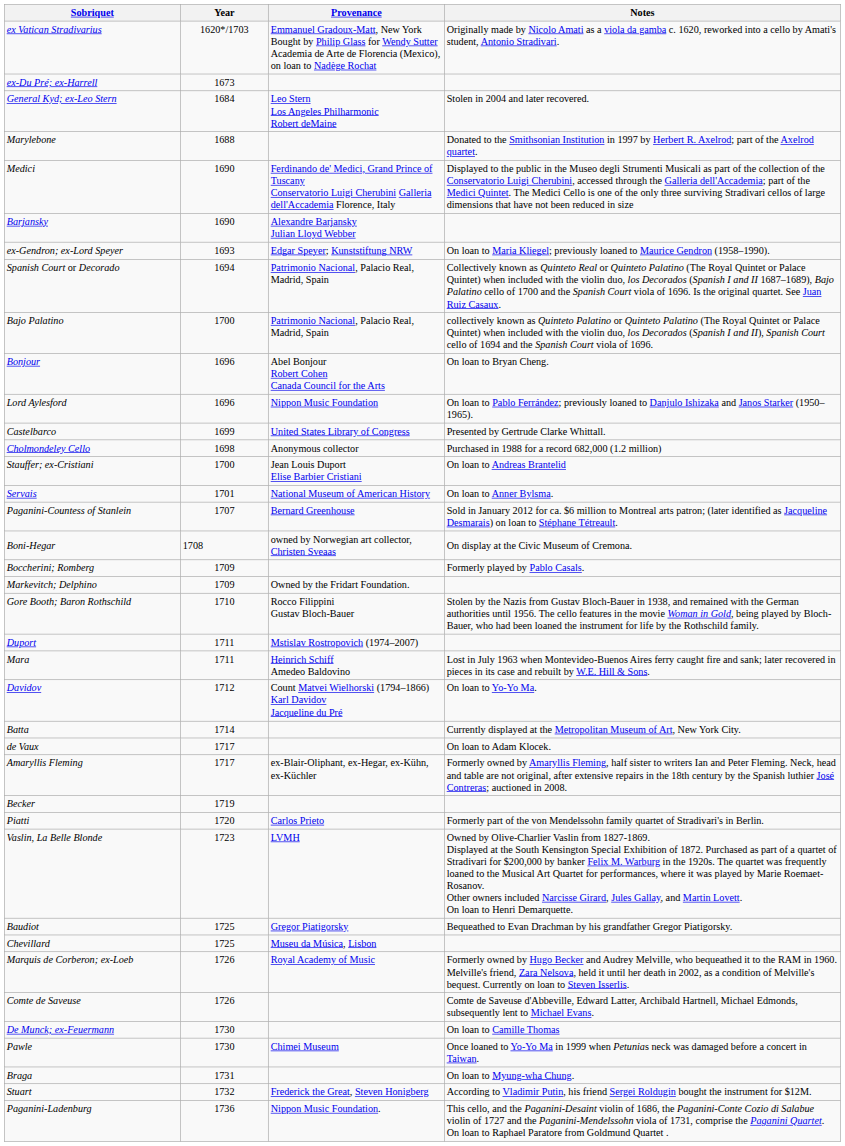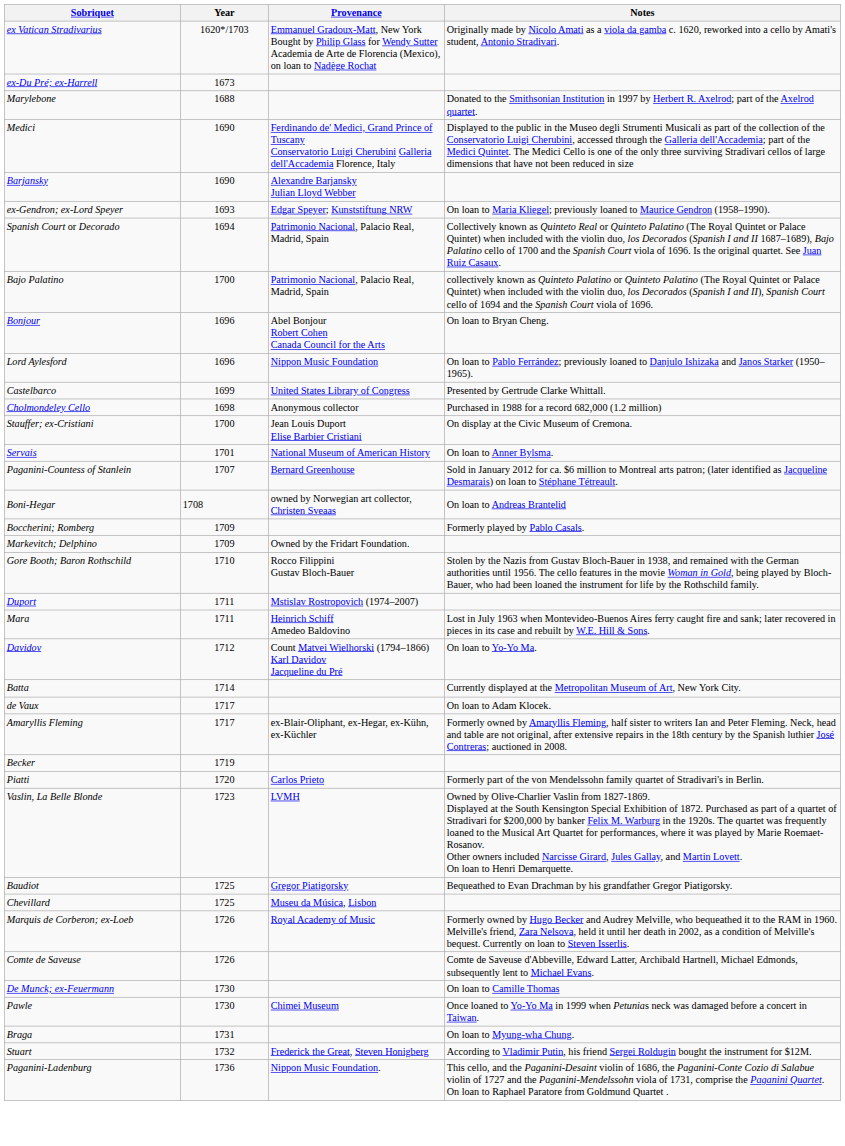 <table class="wikitable" style="font-size: 95%;">
 <tr>
 <th width="20%"><a href='#'>Sobriquet</a></th>
 <th width="10%">Year</th>
 <th width="20%"><a href='#'>Provenance</a></th>
 <th width="45%">Notes</th>
 </tr>
 <tr valign="top">
 <td><em><a href='#'>ex Vatican Stradivarius</a></em></td>
 <td align=center>1620*/1703</td>
 <td><a href='#'>Emmanuel Gradoux-Matt</a>, New York <br>Bought by <a href='#'>Philip Glass</a> for <a href='#'>Wendy Sutter</a><br>Academia de Arte de Florencia (Mexico), on loan to <a href='#'>Nadège Rochat</a></td>
 <td>Originally made by <a href='#'>Nicolo Amati</a> as a <a href='#'>viola da gamba</a> c. 1620, reworked into a cello by Amati's student, <a href='#'>Antonio Stradivari</a>.</td>
 </tr>
 <tr valign="top">
 <td><em><a href='#'>ex-Du Pré; ex-Harrell</a></em></td>
 <td align=center>1673</td>
 <td></td>
 <td></td>
-</tr>
-<tr valign="top">
-<td><em><a href='#'>General Kyd; ex-Leo Stern</a></em></td>
-<td align=center>1684</td>
-<td><a href='#'>Leo Stern</a><br><a href='#'>Los Angeles Philharmonic</a><br><a href='#'>Robert deMaine</a></td>
-<td>Stolen in 2004 and later recovered.</td>
 </tr>
 <tr valign="top">
 <td><em>Marylebone</em></td>
 <td align=center>1688</td>
 <td></td>
 <td>Donated to the <a href='#'>Smithsonian Institution</a> in 1997 by <a href='#'>Herbert R. Axelrod</a>; part of the <a href='#'>Axelrod quartet</a>.</td>
 </tr>
 <tr valign="top">
 <td><em>Medici</em></td>
 <td align=center>1690</td>
 <td><a href='#'>Ferdinando de' Medici, Grand Prince of Tuscany</a><br><a href='#'>Conservatorio Luigi Cherubini</a> <a href='#'>Galleria dell'Accademia</a> Florence, Italy</td>
 <td>Displayed to the public in the Museo degli Strumenti Musicali as part of the collection of the <a href='#'>Conservatorio Luigi Cherubini</a>, accessed through the <a href='#'>Galleria dell'Accademia</a>; part of the <a href='#'>Medici Quintet</a>. The Medici Cello is one of the only three surviving Stradivari cellos of large dimensions that have not been reduced in size</td>
 </tr>
 <tr valign="top">
 <td><a href='#'><em>Barjansky</em></a></td>
 <td align=center>1690</td>
 <td><a href='#'>Alexandre Barjansky</a><br><a href='#'>Julian Lloyd Webber</a></td>
 <td></td>
 </tr>
 <tr valign="top">
 <td><em>ex-Gendron; ex-Lord Speyer</em></td>
 <td align=center>1693</td>
 <td><a href='#'>Edgar Speyer</a>; <a href='#'>Kunststiftung NRW</a></td>
 <td>On loan to <a href='#'>Maria Kliegel</a>; previously loaned to <a href='#'>Maurice Gendron</a> (1958–1990).</td>
 </tr>
 <tr valign="top">
 <td><em>Spanish Court</em> or <em>Decorado</em></td>
 <td align=center>1694</td>
 <td><a href='#'>Patrimonio Nacional</a>, Palacio Real, Madrid, Spain</td>
 <td>Collectively known as <em>Quinteto Real</em> or <em>Quinteto Palatino</em> (The Royal Quintet or Palace Quintet) when included with the violin duo, <em>los Decorados</em> (<em>Spanish I and II</em> 1687–1689), <em>Bajo Palatino</em> cello of 1700 and the <em>Spanish Court</em> viola of 1696. Is the original quartet. See <a href='#'>Juan Ruiz Casaux</a>.</td>
 </tr>
 <tr valign="top">
 <td><em>Bajo Palatino</em></td>
 <td align=center>1700</td>
 <td><a href='#'>Patrimonio Nacional</a>, Palacio Real, Madrid, Spain</td>
 <td>collectively known as <em>Quinteto Palatino</em> or <em>Quinteto Palatino</em> (The Royal Quintet or Palace Quintet) when included with the violin duo, <em>los Decorados</em> (<em>Spanish I and II</em>), <em>Spanish Court</em> cello of 1694 and the <em>Spanish Court</em> viola of 1696.</td>
 </tr>
 <tr valign="top">
 <td><em><a href='#'>Bonjour</a></em></td>
 <td align=center>1696</td>
 <td>Abel Bonjour<br><a href='#'>Robert Cohen</a><br><a href='#'>Canada Council for the Arts</a></td>
 <td>On loan to Bryan Cheng.</td>
 </tr>
 <tr valign="top">
 <td><em>Lord Aylesford</em></td>
 <td align=center>1696</td>
 <td><a href='#'>Nippon Music Foundation</a></td>
 <td>On loan to <a href='#'>Pablo Ferrández</a>; previously loaned to <a href='#'>Danjulo Ishizaka</a> and <a href='#'>Janos Starker</a> (1950–1965).</td>
 </tr>
 <tr valign="top">
 <td><em>Castelbarco</em></td>
 <td align=center>1699</td>
 <td><a href='#'>United States Library of Congress</a></td>
 <td>Presented by Gertrude Clarke Whittall.</td>
 </tr>
 <tr valign="top">
 <td><em><a href='#'>Cholmondeley Cello</a></em></td>
 <td align=center>1698</td>
 <td>Anonymous collector</td>
 <td>Purchased in 1988 for a record 682,000 (1.2 million)</td>
 </tr>
 <tr valign="top">
 <td><em>Stauffer; ex-Cristiani</em></td>
 <td align=center>1700</td>
 <td>Jean Louis Duport<br><a href='#'>Elise Barbier Cristiani</a></td>
-<td>On loan to <a href='#'>Andreas Brantelid</a></td>
+<td>On display at the Civic Museum of Cremona.</td>
 </tr>
 <tr valign="top">
 <td><em><a href='#'>Servais</a></em></td>
 <td align=center>1701</td>
 <td><a href='#'>National Museum of American History</a></td>
 <td>On loan to <a href='#'>Anner Bylsma</a>.</td>
 </tr>
 <tr valign="top">
 <td><em>Paganini-Countess of Stanlein</em></td>
 <td align=center>1707</td>
 <td><a href='#'>Bernard Greenhouse</a></td>
 <td>Sold in January 2012 for ca. $6 million to Montreal arts patron; (later identified as <a href='#'>Jacqueline Desmarais</a>) on loan to <a href='#'>Stéphane Tétreault</a>.</td>
 </tr>
 <tr>
 <td><em>Boni-Hegar</em></td>
 <td>1708</td>
 <td>owned by Norwegian art collector, <a href='#'>Christen Sveaas</a></td>
-<td>On display at the Civic Museum of Cremona.</td>
+<td>On loan to <a href='#'>Andreas Brantelid</a></td>
 </tr>
 <tr valign="top">
 <td><em>Boccherini; Romberg</em></td>
 <td align=center>1709</td>
 <td></td>
 <td>Formerly played by <a href='#'>Pablo Casals</a>.</td>
 </tr>
 <tr valign="top">
 <td><em>Markevitch; Delphino</em></td>
 <td align=center>1709</td>
 <td>Owned by the Fridart Foundation.</td>
 <td></td>
 </tr>
 <tr valign="top">
 <td><em>Gore Booth; Baron Rothschild </em></td>
 <td align=center>1710</td>
 <td>Rocco Filippini<br>Gustav Bloch-Bauer</td>
 <td>Stolen by the Nazis from Gustav Bloch-Bauer in 1938, and remained with the German authorities until 1956. The cello features in the movie <em><a href='#'>Woman in Gold</a></em>, being played by Bloch-Bauer, who had been loaned the instrument for life by the Rothschild family.</td>
 </tr>
 <tr valign="top">
 <td><em><a href='#'>Duport</a></em></td>
 <td align=center>1711</td>
 <td><a href='#'>Mstislav Rostropovich</a> (1974–2007)</td>
 <td></td>
 </tr>
 <tr valign="top">
 <td><em>Mara</em></td>
 <td align=center>1711</td>
 <td><a href='#'>Heinrich Schiff</a><br>Amedeo Baldovino</td>
 <td>Lost in July 1963 when Montevideo-Buenos Aires ferry caught fire and sank; later recovered in pieces in its case and rebuilt by <a href='#'>W.E. Hill & Sons</a>.</td>
 </tr>
 <tr valign="top">
 <td><em><a href='#'>Davidov</a></em></td>
 <td align=center>1712</td>
 <td>Count <a href='#'>Matvei Wielhorski</a> (1794–1866)<br><a href='#'>Karl Davidov</a><br><a href='#'>Jacqueline du Pré</a></td>
 <td>On loan to <a href='#'>Yo-Yo Ma</a>.</td>
 </tr>
 <tr valign="top">
 <td><em>Batta</em></td>
 <td align=center>1714</td>
 <td></td>
 <td>Currently displayed at the <a href='#'>Metropolitan Museum of Art</a>, New York City.</td>
 </tr>
 <tr valign="top">
 <td><em>de Vaux</em></td>
 <td align=center>1717</td>
 <td></td>
 <td>On loan to Adam Klocek.</td>
 </tr>
 <tr valign="top">
 <td><em>Amaryllis Fleming</em></td>
 <td align=center>1717</td>
 <td>ex-Blair-Oliphant, ex-Hegar, ex-Kühn, ex-Küchler</td>
 <td>Formerly owned by <a href='#'>Amaryllis Fleming</a>, half sister to writers Ian and Peter Fleming. Neck, head and table are not original, after extensive repairs in the 18th century by the Spanish luthier <a href='#'>José Contreras</a>; auctioned in 2008.</td>
 </tr>
 <tr valign="top">
 <td><em>Becker</em></td>
 <td align=center>1719</td>
 <td></td>
 </tr>
 <tr valign="top">
 <td><em>Piatti</em></td>
 <td align=center>1720</td>
 <td><a href='#'>Carlos Prieto</a></td>
 <td>Formerly part of the von Mendelssohn family quartet of Stradivari's in Berlin.</td>
 </tr>
 <tr valign="top">
 <td><em>Vaslin, La Belle Blonde</em></td>
 <td align=center>1723</td>
 <td><a href='#'>LVMH</a></td>
 <td>Owned by Olive-Charlier Vaslin from 1827-1869.<br>Displayed at the South Kensington Special Exhibition of 1872.  Purchased as part of a quartet of Stradivari for $200,000 by banker <a href='#'>Felix M. Warburg</a> in the 1920s. The quartet was frequently loaned to the Musical Art Quartet for performances, where it was played by Marie Roemaet-Rosanov.<br>Other owners included <a href='#'>Narcisse Girard</a>, <a href='#'>Jules Gallay</a>, and <a href='#'>Martin Lovett</a>.<br>On loan to Henri Demarquette.</td>
 </tr>
 <tr valign="top">
 <td><em>Baudiot</em></td>
 <td align=center>1725</td>
 <td><a href='#'>Gregor Piatigorsky</a></td>
 <td>Bequeathed to Evan Drachman by his grandfather Gregor Piatigorsky.</td>
 </tr>
 <tr valign="top">
 <td><em>Chevillard</em></td>
 <td align=center>1725</td>
 <td><a href='#'>Museu da Música</a>, <a href='#'>Lisbon</a></td>
 <td></td>
 </tr>
 <tr valign="top">
 <td><em>Marquis de Corberon; ex-Loeb</em></td>
 <td align=center>1726</td>
 <td><a href='#'>Royal Academy of Music</a></td>
 <td>Formerly owned by <a href='#'>Hugo Becker</a> and Audrey Melville, who bequeathed it to the RAM in 1960. Melville's friend, <a href='#'>Zara Nelsova</a>, held it until her death in 2002, as a condition of Melville's bequest. Currently on loan to <a href='#'>Steven Isserlis</a>.</td>
 </tr>
 <tr valign="top">
 <td><em>Comte de Saveuse</em></td>
 <td align=center>1726</td>
 <td></td>
 <td>Comte de Saveuse d'Abbeville, Edward Latter, Archibald Hartnell, Michael Edmonds, subsequently lent to <a href='#'>Michael Evans</a>.</td>
 </tr>
 <tr valign="top">
 <td><em><a href='#'>De Munck; ex-Feuermann</a></em></td>
 <td align=center>1730</td>
 <td></td>
 <td>On loan to <a href='#'>Camille Thomas</a></td>
 </tr>
 <tr valign="top">
 <td><em>Pawle</em></td>
 <td align=center>1730</td>
 <td><a href='#'>Chimei Museum</a></td>
 <td>Once loaned to <a href='#'>Yo-Yo Ma</a> in 1999 when <em>Petunia</em>s neck was damaged before a concert in <a href='#'>Taiwan</a>.</td>
 </tr>
 <tr valign="top">
 <td><em>Braga</em></td>
 <td align=center>1731</td>
 <td></td>
 <td>On loan to <a href='#'>Myung-wha Chung</a>.</td>
 </tr>
 <tr valign="top">
 <td><em>Stuart</em></td>
 <td align=center>1732</td>
 <td><a href='#'>Frederick the Great</a>, <a href='#'>Steven Honigberg</a></td>
 <td>According to <a href='#'>Vladimir Putin</a>, his friend <a href='#'>Sergei Roldugin</a> bought the instrument for $12M.</td>
 </tr>
 <tr valign="top">
 <td><em>Paganini-Ladenburg</em></td>
 <td align=center>1736</td>
 <td><a href='#'>Nippon Music Foundation</a>.</td>
 <td>This cello, and the <em>Paganini-Desaint</em> violin of 1686, the <em>Paganini-Conte Cozio di Salabue</em> violin of 1727 and the <em>Paganini-Mendelssohn</em> viola of 1731, comprise the <em><a href='#'>Paganini Quartet</a></em>. On loan to Raphael Paratore from Goldmund Quartet .</td>
 </tr>
 </table>
